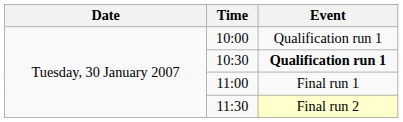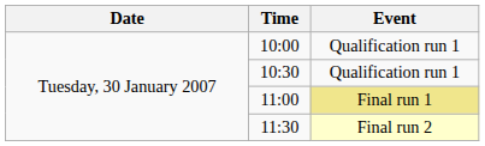 <table class = "wikitable" style="text-align:center;">
 <tr>
 <th width=220>Date</th>
 <th width=50>Time</th>
 <th width=150>Event</th>
 </tr>
 <tr>
 <td rowspan=4>Tuesday, 30 January 2007</td>
 <td>10:00</td>
 <td>Qualification run 1</td>
 </tr>
 <tr>
 <td>10:30</td>
-<td><strong>Qualification run 1</strong></td>
+<td>Qualification run 1</td>
 </tr>
 <tr>
 <td>11:00</td>
-<td>Final run 1</td>
+<td style="background: khaki;">Final run 1</td>
 </tr>
 <tr>
 <td>11:30</td>
 <td bgcolor=ffffcc>Final run 2</td>
 </tr>
 </table>
